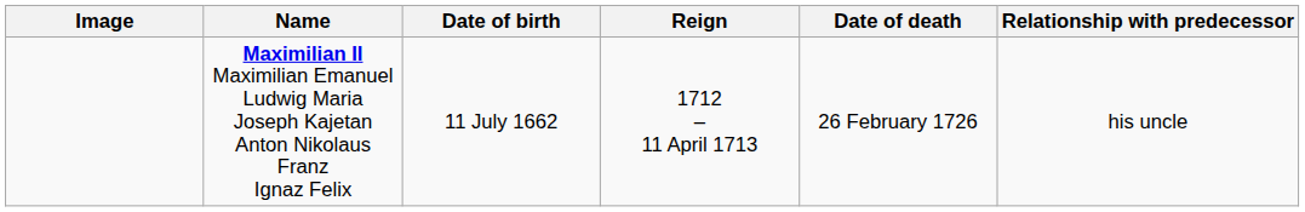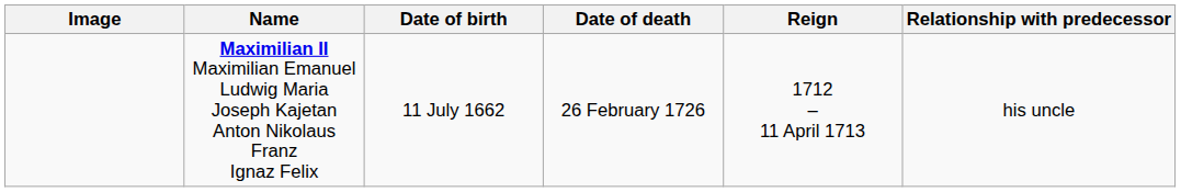 <table class="wikitable">
 <tr>
 <th width=150px>Image</th>
 <th width=150px>Name</th>
 <th width=150px>Date of birth</th>
+<th width=150px>Date of death</th>
 <th width=150px>Reign</th>
-<th width=150px>Date of death</th>
 <th>Relationship with predecessor</th>
 </tr>
 <tr>
 <td></td>
 <td style="text-align:center;"><strong><a href='#'>Maximilian II</a></strong><br>Maximilian Emanuel Ludwig Maria Joseph Kajetan<br> Anton Nikolaus Franz<br> Ignaz Felix</td>
 <td style="text-align:center;">11 July 1662</td>
+<td style="text-align:center;">26 February 1726</td>
 <td style="text-align:center;">1712<br>–<br>11 April 1713</td>
-<td style="text-align:center;">26 February 1726</td>
 <td style="text-align:center;">his uncle</td>
 </tr>
 </table>
